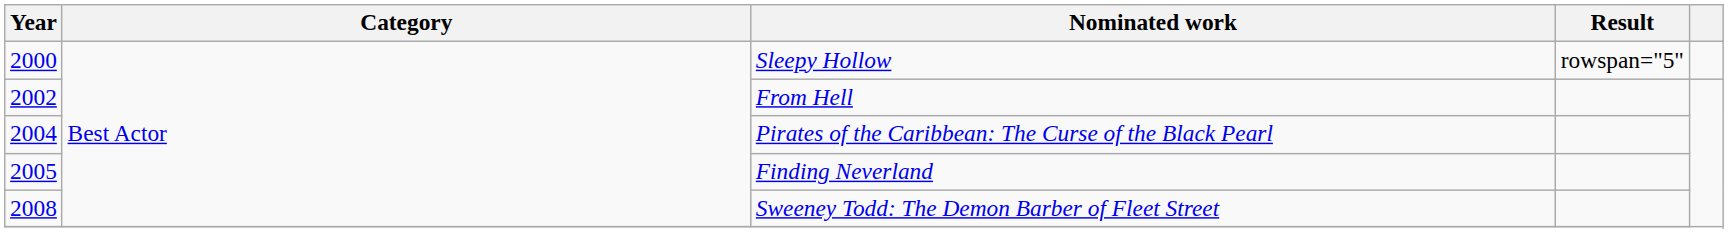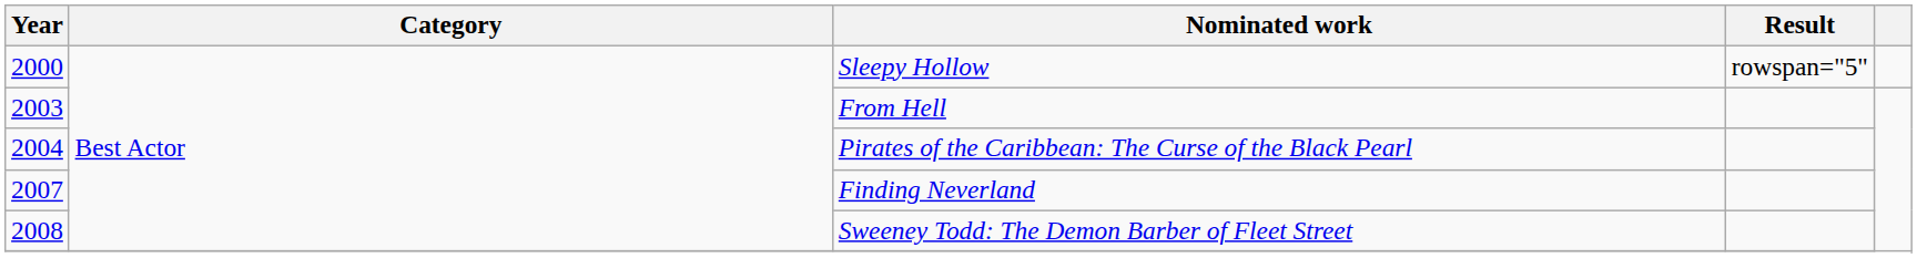 <table class="wikitable sortable">
 <tr>
 <th scope="col" style="width:1em;">Year</th>
 <th scope="col" style="width:29em;">Category</th>
 <th scope="col" style="width:34em;">Nominated work</th>
 <th scope="col" style="width:5em;">Result</th>
 <th scope="col" class="unsortable" style="width:1em;"></th>
 </tr>
 <tr>
 <td><a href='#'>2000</a></td>
 <td rowspan="5"><a href='#'>Best Actor</a></td>
 <td><em><a href='#'>Sleepy Hollow</a></em></td>
 <td>rowspan="5" </td>
 <td></td>
 </tr>
 <tr>
-<td><a href='#'>2002</a></td>
+<td><a href='#'>2003</a></td>
 <td><em><a href='#'>From Hell</a></em></td>
 <td></td>
 </tr>
 <tr>
 <td><a href='#'>2004</a></td>
 <td><em><a href='#'>Pirates of the Caribbean: The Curse of the Black Pearl</a></em></td>
 <td></td>
 </tr>
 <tr>
-<td><a href='#'>2005</a></td>
+<td><a href='#'>2007</a></td>
 <td><em><a href='#'>Finding Neverland</a></em></td>
 <td></td>
 </tr>
 <tr>
 <td><a href='#'>2008</a></td>
 <td><em><a href='#'>Sweeney Todd: The Demon Barber of Fleet Street</a></em></td>
 <td></td>
 </tr>
 <tr>
 </tr>
 </table>
